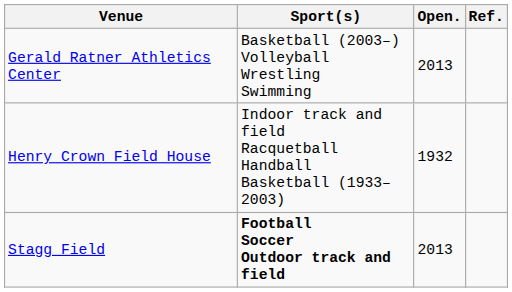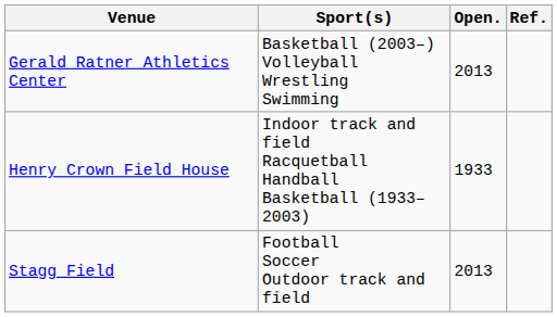 <table class="wikitable"; style= "text-align: ">
 <tr>
 <th width=200px>Venue</th>
 <th width=150px>Sport(s)</th>
 <th width=px>Open.</th>
 <th width=px>Ref.</th>
 </tr>
 <tr>
 <td><a href='#'>Gerald Ratner Athletics Center</a></td>
 <td>Basketball (2003–)<br>Volleyball<br>Wrestling<br> Swimming</td>
 <td>2013</td>
 <td></td>
 </tr>
 <tr>
 <td><a href='#'>Henry Crown Field House</a></td>
 <td>Indoor track and field<br>Racquetball<br>Handball<br>Basketball (1933–2003)</td>
-<td>1932</td>
+<td>1933</td>
 <td></td>
 </tr>
 <tr>
 <td><a href='#'>Stagg Field</a></td>
-<td><strong>Football <br> Soccer <br> Outdoor track and field</strong></td>
+<td>Football <br> Soccer <br> Outdoor track and field</td>
 <td>2013</td>
 <td></td>
 </tr>
 </table>
